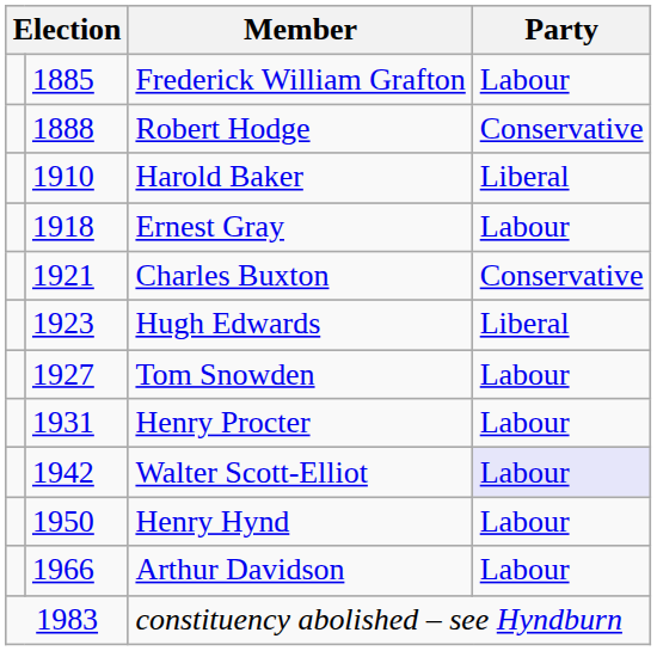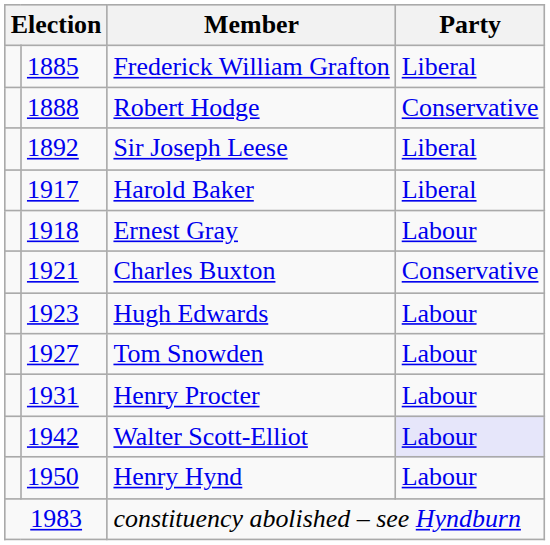 <table class="wikitable">
 <tr>
 <th colspan="2">Election</th>
 <th>Member</th>
 <th>Party</th>
 </tr>
 <tr>
 <td style="color:inherit;background-color: "></td>
 <td><a href='#'>1885</a></td>
 <td><a href='#'>Frederick William Grafton</a></td>
-<td><a href='#'>Labour</a></td>
+<td><a href='#'>Liberal</a></td>
 </tr>
 <tr>
 <td style="color:inherit;background-color: "></td>
 <td><a href='#'>1888</a></td>
 <td><a href='#'>Robert Hodge</a></td>
 <td><a href='#'>Conservative</a></td>
 </tr>
 <tr>
 <td style="color:inherit;background-color: "></td>
-<td><a href='#'>1910</a></td>
+<td><a href='#'>1892</a></td>
+<td><a href='#'>Sir Joseph Leese</a></td>
+<td><a href='#'>Liberal</a></td>
+</tr>
+<tr>
+<td style="color:inherit;background-color: "></td>
+<td><a href='#'>1917</a></td>
 <td><a href='#'>Harold Baker</a></td>
 <td><a href='#'>Liberal</a></td>
 </tr>
 <tr>
 <td style="color:inherit;background-color: "></td>
 <td><a href='#'>1918</a></td>
 <td><a href='#'>Ernest Gray</a></td>
 <td><a href='#'>Labour</a></td>
 </tr>
 <tr>
 <td style="color:inherit;background-color: "></td>
 <td><a href='#'>1921</a></td>
 <td><a href='#'>Charles Buxton</a></td>
 <td><a href='#'>Conservative</a></td>
 </tr>
 <tr>
 <td style="color:inherit;background-color: "></td>
 <td><a href='#'>1923</a></td>
 <td><a href='#'>Hugh Edwards</a></td>
-<td><a href='#'>Liberal</a></td>
+<td><a href='#'>Labour</a></td>
 </tr>
 <tr>
 <td style="color:inherit;background-color: "></td>
 <td><a href='#'>1927</a></td>
 <td><a href='#'>Tom Snowden</a></td>
 <td><a href='#'>Labour</a></td>
 </tr>
 <tr>
 <td style="color:inherit;background-color: "></td>
 <td><a href='#'>1931</a></td>
 <td><a href='#'>Henry Procter</a></td>
 <td><a href='#'>Labour</a></td>
 </tr>
 <tr>
 <td style="color:inherit;background-color: "></td>
 <td><a href='#'>1942</a></td>
 <td><a href='#'>Walter Scott-Elliot</a></td>
 <td style="background: lavender;"><a href='#'>Labour</a></td>
 </tr>
 <tr>
 <td style="color:inherit;background-color: "></td>
 <td><a href='#'>1950</a></td>
 <td><a href='#'>Henry Hynd</a></td>
 <td><a href='#'>Labour</a></td>
 </tr>
 <tr>
-<td style="color:inherit;background-color: "></td>
-<td><a href='#'>1966</a></td>
-<td><a href='#'>Arthur Davidson</a></td>
-<td><a href='#'>Labour</a></td>
-</tr>
-<tr>
 <td colspan="2" align="center"><a href='#'>1983</a></td>
 <td colspan="2"><em>constituency abolished – see <a href='#'>Hyndburn</a></em></td>
 </tr>
 </table>
